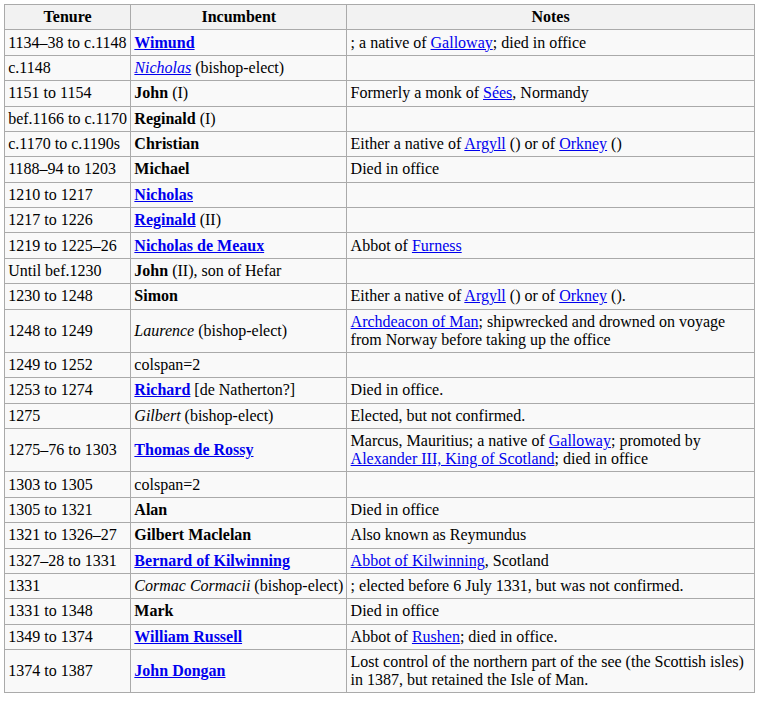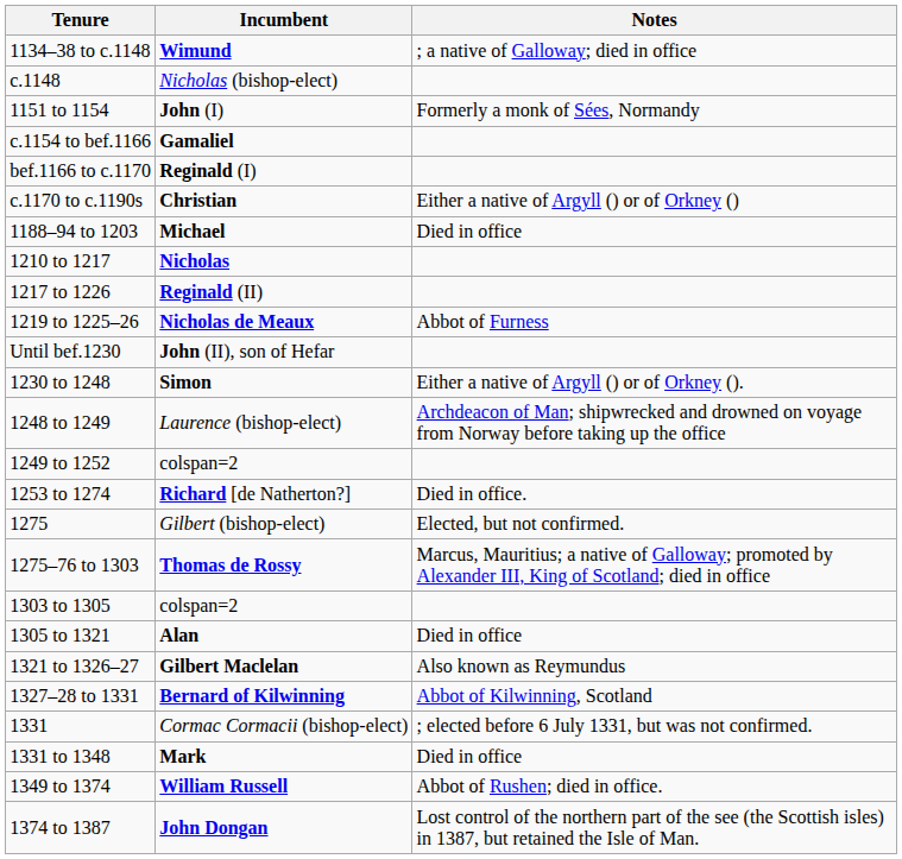 <table class="wikitable">
 <tr>
 <th>Tenure</th>
 <th>Incumbent</th>
 <th width="400pt">Notes</th>
 </tr>
 <tr>
 <td>1134–38 to c.1148</td>
 <td><strong><a href='#'>Wimund</a></strong></td>
 <td>; a native of <a href='#'>Galloway</a>; died in office</td>
 </tr>
 <tr>
 <td>c.1148</td>
 <td><em><a href='#'>Nicholas</a></em> (bishop-elect)</td>
 <td></td>
 </tr>
 <tr>
 <td>1151 to 1154</td>
 <td><strong>John</strong> (I)</td>
 <td>Formerly a monk of <a href='#'>Sées</a>, Normandy</td>
+</tr>
+<tr>
+<td>c.1154 to bef.1166</td>
+<td><strong>Gamaliel</strong></td>
+<td></td>
 </tr>
 <tr>
 <td>bef.1166 to c.1170</td>
 <td><strong>Reginald</strong> (I)</td>
 <td></td>
 </tr>
 <tr>
 <td>c.1170 to c.1190s</td>
 <td><strong>Christian</strong></td>
 <td>Either a native of <a href='#'>Argyll</a> () or of <a href='#'>Orkney</a> ()</td>
 </tr>
 <tr>
 <td>1188–94 to 1203</td>
 <td><strong>Michael</strong></td>
 <td>Died in office</td>
 </tr>
 <tr>
 <td>1210 to 1217</td>
 <td><strong><a href='#'>Nicholas</a></strong></td>
 <td></td>
 </tr>
 <tr>
 <td>1217 to 1226</td>
 <td><strong><a href='#'>Reginald</a></strong> (II)</td>
 <td></td>
 </tr>
 <tr>
 <td>1219 to 1225–26</td>
 <td><strong><a href='#'>Nicholas de Meaux</a></strong></td>
 <td>Abbot of <a href='#'>Furness</a></td>
 </tr>
 <tr>
 <td>Until bef.1230</td>
 <td><strong>John</strong> (II), son of Hefar</td>
 <td></td>
 </tr>
 <tr>
 <td>1230 to 1248</td>
 <td><strong>Simon</strong></td>
 <td>Either a native of <a href='#'>Argyll</a> () or of <a href='#'>Orkney</a> ().</td>
 </tr>
 <tr>
 <td>1248 to 1249</td>
 <td><em>Laurence</em> (bishop-elect)</td>
 <td><a href='#'>Archdeacon of Man</a>; shipwrecked and drowned on voyage from Norway before taking up the office</td>
 </tr>
 <tr>
 <td>1249 to 1252</td>
 <td>colspan=2 </td>
 </tr>
 <tr>
 <td>1253 to 1274</td>
 <td><strong><a href='#'>Richard</a></strong> [de Natherton?]</td>
 <td>Died in office.</td>
 </tr>
 <tr>
 <td>1275</td>
 <td><em>Gilbert</em> (bishop-elect)</td>
 <td>Elected, but not confirmed.</td>
 </tr>
 <tr>
 <td>1275–76 to 1303</td>
 <td><strong><a href='#'>Thomas de Rossy</a></strong></td>
 <td>Marcus, Mauritius; a native of <a href='#'>Galloway</a>; promoted by <a href='#'>Alexander III, King of Scotland</a>; died in office</td>
 </tr>
 <tr>
 <td>1303 to 1305</td>
 <td>colspan=2 </td>
 </tr>
 <tr>
 <td>1305 to 1321</td>
 <td><strong>Alan</strong></td>
 <td>Died in office</td>
 </tr>
 <tr>
 <td>1321 to 1326–27</td>
 <td><strong>Gilbert Maclelan</strong></td>
 <td>Also known as Reymundus</td>
 </tr>
 <tr>
 <td>1327–28 to 1331</td>
 <td><strong><a href='#'>Bernard of Kilwinning</a></strong></td>
 <td><a href='#'>Abbot of Kilwinning</a>, Scotland</td>
 </tr>
 <tr>
 <td>1331</td>
 <td><em>Cormac Cormacii</em> (bishop-elect)</td>
 <td>; elected before 6 July 1331, but was not confirmed.</td>
 </tr>
 <tr>
 <td>1331 to 1348</td>
 <td><strong>Mark</strong></td>
 <td>Died in office</td>
 </tr>
 <tr>
 <td>1349 to 1374</td>
 <td><strong><a href='#'>William Russell</a></strong></td>
 <td>Abbot of <a href='#'>Rushen</a>; died in office.</td>
 </tr>
 <tr>
 <td>1374 to 1387</td>
 <td><strong><a href='#'>John Dongan</a></strong></td>
 <td>Lost control of the northern part of the see (the Scottish isles) in 1387, but retained the Isle of Man.</td>
 </tr>
 </table>
